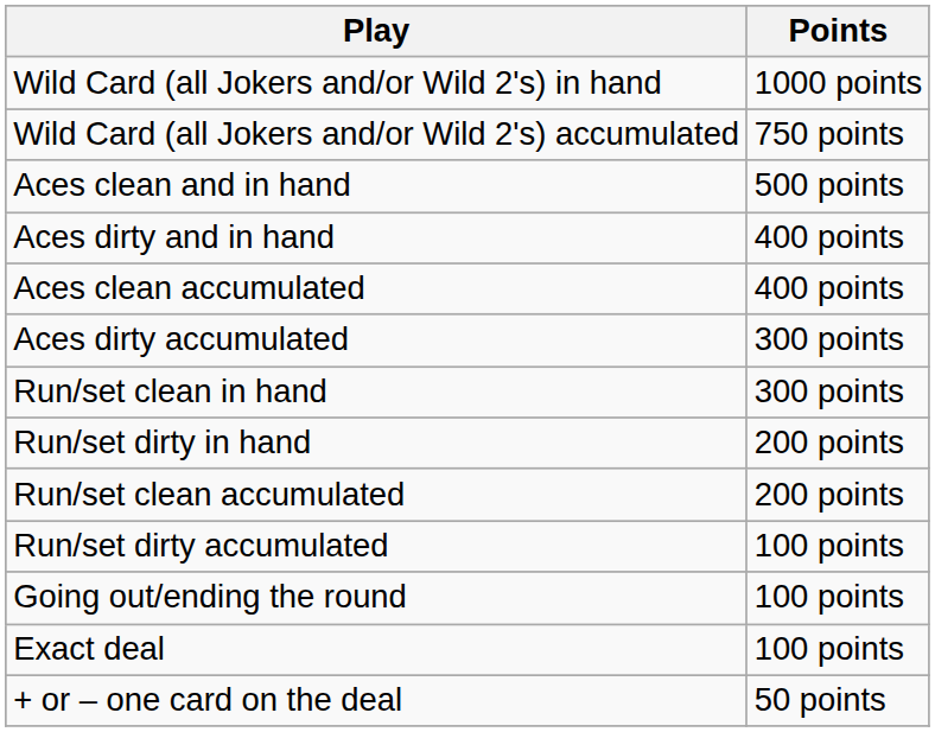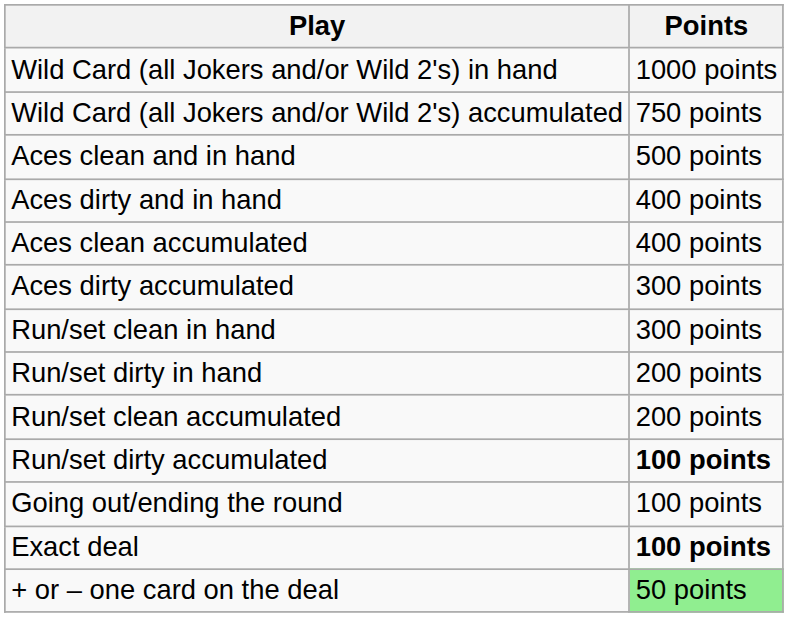 <table class="wikitable">
 <tr>
 <th>Play</th>
 <th>Points</th>
 </tr>
 <tr>
 <td>Wild Card (all Jokers and/or Wild 2's) in hand</td>
 <td>1000 points</td>
 </tr>
 <tr>
 <td>Wild Card (all Jokers and/or Wild 2's) accumulated</td>
 <td>750 points</td>
 </tr>
 <tr>
 <td>Aces clean and in hand</td>
 <td>500 points</td>
 </tr>
 <tr>
 <td>Aces dirty and in hand</td>
 <td>400 points</td>
 </tr>
 <tr>
 <td>Aces clean accumulated</td>
 <td>400 points</td>
 </tr>
 <tr>
 <td>Aces dirty accumulated</td>
 <td>300 points</td>
 </tr>
 <tr>
 <td>Run/set clean in hand</td>
 <td>300  points</td>
 </tr>
 <tr>
 <td>Run/set dirty in hand</td>
 <td>200 points</td>
 </tr>
 <tr>
 <td>Run/set clean accumulated</td>
 <td>200  points</td>
 </tr>
 <tr>
 <td>Run/set dirty accumulated</td>
-<td>100  points</td>
+<td><strong>100  points</strong></td>
 </tr>
 <tr>
 <td>Going out/ending the round</td>
 <td>100 points</td>
 </tr>
 <tr>
 <td>Exact deal</td>
-<td>100 points</td>
+<td><strong>100 points</strong></td>
 </tr>
 <tr>
 <td>+ or – one card on the deal</td>
-<td>50 points</td>
+<td style="background: lightgreen;">50 points</td>
 </tr>
 </table>
